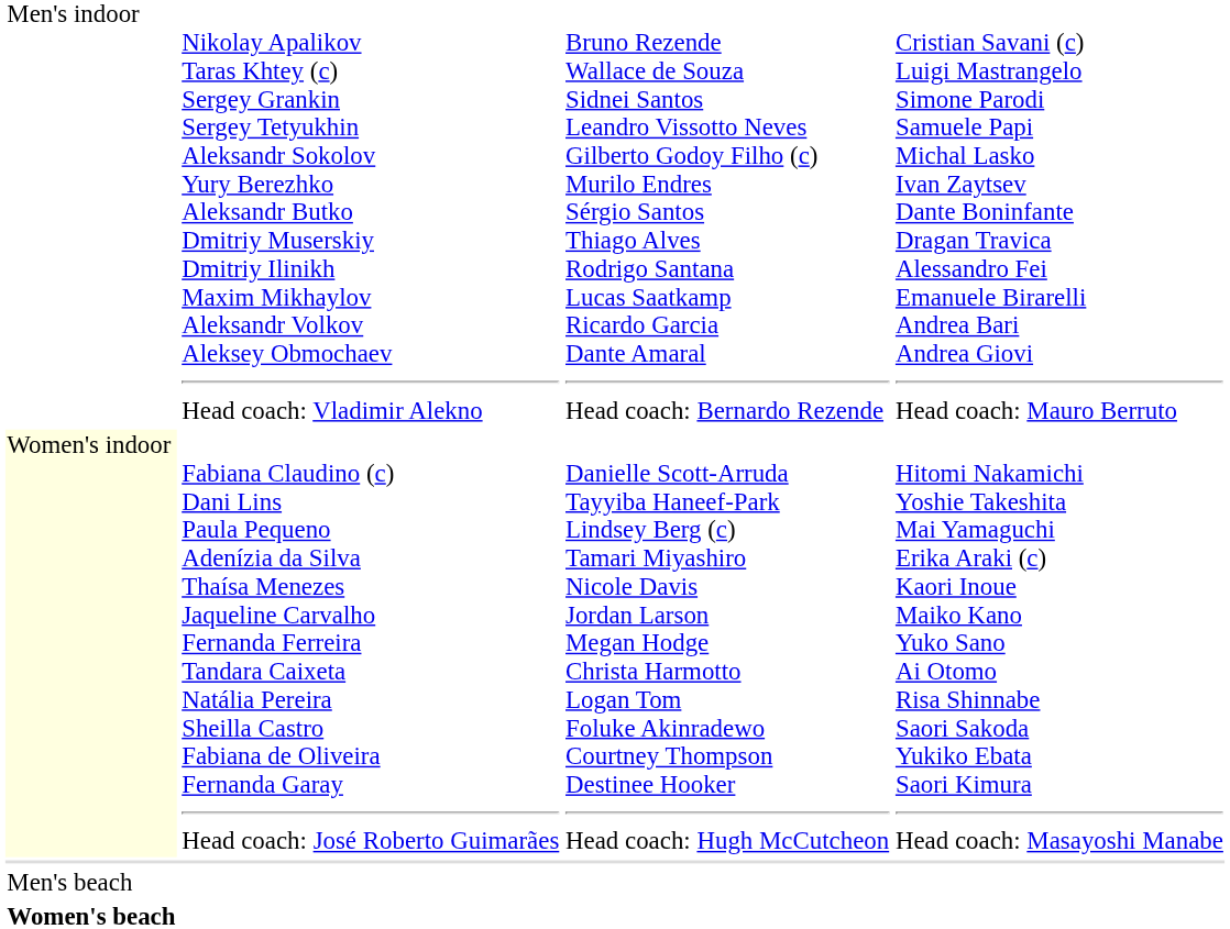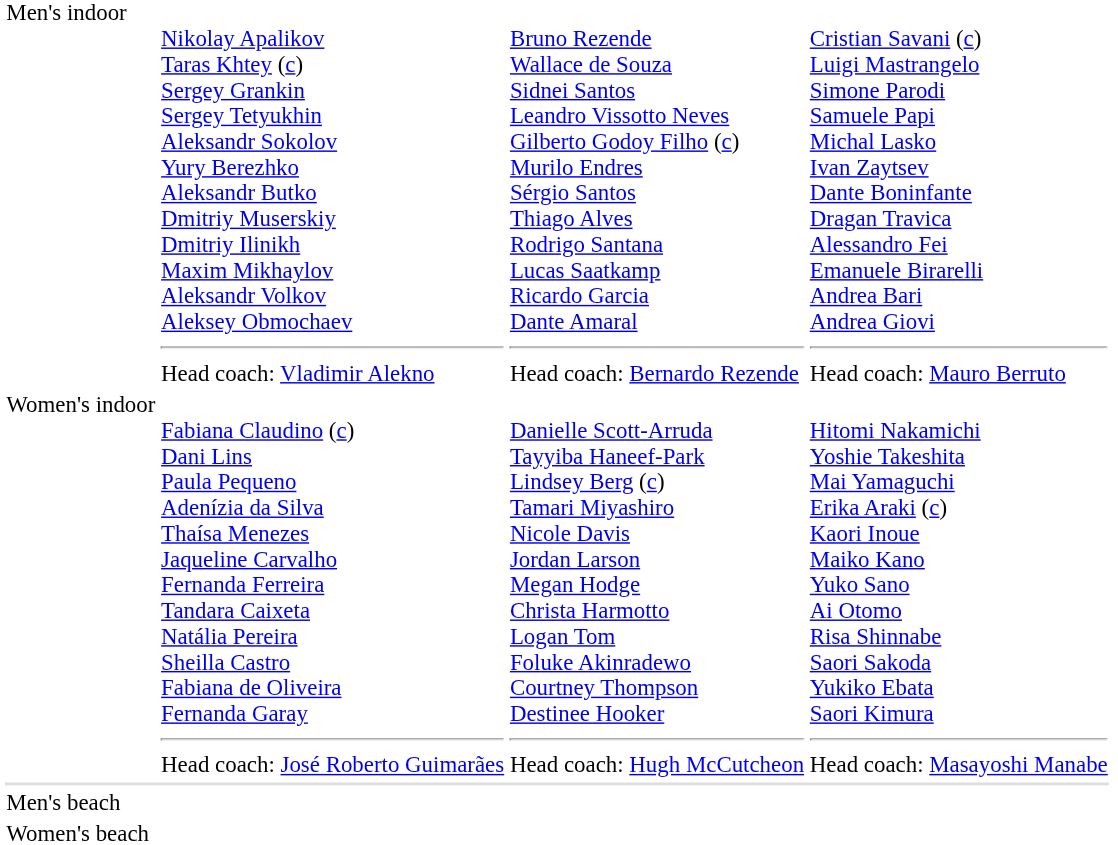 <table>
 <tr valign="top">
 <td>Men's indoor<br></td>
 <td><br><a href='#'>Nikolay Apalikov</a><br><a href='#'>Taras Khtey</a> (<a href='#'>c</a>)<br><a href='#'>Sergey Grankin</a><br><a href='#'>Sergey Tetyukhin</a><br><a href='#'>Aleksandr Sokolov</a><br><a href='#'>Yury Berezhko</a><br><a href='#'>Aleksandr Butko</a><br><a href='#'>Dmitriy Muserskiy</a><br><a href='#'>Dmitriy Ilinikh</a><br><a href='#'>Maxim Mikhaylov</a><br><a href='#'>Aleksandr Volkov</a><br><a href='#'>Aleksey Obmochaev</a><br><hr>Head coach: <a href='#'>Vladimir Alekno</a></td>
 <td><br><a href='#'>Bruno Rezende</a><br><a href='#'>Wallace de Souza</a><br><a href='#'>Sidnei Santos</a><br><a href='#'>Leandro Vissotto Neves</a><br><a href='#'>Gilberto Godoy Filho</a> (<a href='#'>c</a>)<br><a href='#'>Murilo Endres</a><br><a href='#'>Sérgio Santos</a><br><a href='#'>Thiago Alves</a><br><a href='#'>Rodrigo Santana</a><br><a href='#'>Lucas Saatkamp</a><br><a href='#'>Ricardo Garcia</a><br><a href='#'>Dante Amaral</a><br><hr>Head coach: <a href='#'>Bernardo Rezende</a></td>
 <td><br><a href='#'>Cristian Savani</a> (<a href='#'>c</a>)<br><a href='#'>Luigi Mastrangelo</a><br><a href='#'>Simone Parodi</a><br><a href='#'>Samuele Papi</a><br><a href='#'>Michal Lasko</a><br><a href='#'>Ivan Zaytsev</a><br><a href='#'>Dante Boninfante</a><br><a href='#'>Dragan Travica</a><br><a href='#'>Alessandro Fei</a><br><a href='#'>Emanuele Birarelli</a><br><a href='#'>Andrea Bari</a><br><a href='#'>Andrea Giovi</a><br><hr>Head coach: <a href='#'>Mauro Berruto</a></td>
 </tr>
 <tr valign="top">
-<td style="background: lightyellow;">Women's indoor<br></td>
+<td>Women's indoor<br></td>
 <td><br><a href='#'>Fabiana Claudino</a> (<a href='#'>c</a>)<br><a href='#'>Dani Lins</a><br><a href='#'>Paula Pequeno</a><br><a href='#'>Adenízia da Silva</a><br><a href='#'>Thaísa Menezes</a><br><a href='#'>Jaqueline Carvalho</a><br><a href='#'>Fernanda Ferreira</a><br><a href='#'>Tandara Caixeta</a><br><a href='#'>Natália Pereira</a><br><a href='#'>Sheilla Castro</a><br><a href='#'>Fabiana de Oliveira</a><br><a href='#'>Fernanda Garay</a><br><hr>Head coach: <a href='#'>José Roberto Guimarães</a></td>
 <td><br><a href='#'>Danielle Scott-Arruda</a><br><a href='#'>Tayyiba Haneef-Park</a><br><a href='#'>Lindsey Berg</a> (<a href='#'>c</a>)<br><a href='#'>Tamari Miyashiro</a><br><a href='#'>Nicole Davis</a><br><a href='#'>Jordan Larson</a><br><a href='#'>Megan Hodge</a><br><a href='#'>Christa Harmotto</a><br><a href='#'>Logan Tom</a><br><a href='#'>Foluke Akinradewo</a><br><a href='#'>Courtney Thompson</a><br><a href='#'>Destinee Hooker</a><br><hr>Head coach: <a href='#'>Hugh McCutcheon</a></td>
 <td><br><a href='#'>Hitomi Nakamichi</a><br><a href='#'>Yoshie Takeshita</a><br><a href='#'>Mai Yamaguchi</a><br><a href='#'>Erika Araki</a> (<a href='#'>c</a>)<br><a href='#'>Kaori Inoue</a><br><a href='#'>Maiko Kano</a><br><a href='#'>Yuko Sano</a><br><a href='#'>Ai Otomo</a><br><a href='#'>Risa Shinnabe</a><br><a href='#'>Saori Sakoda</a><br><a href='#'>Yukiko Ebata</a><br><a href='#'>Saori Kimura</a><br><hr>Head coach: <a href='#'>Masayoshi Manabe</a></td>
 </tr>
 <tr bgcolor=#DDDDDD>
 <td colspan=7></td>
 </tr>
 <tr valign="top">
 <td>Men's beach<br></td>
 <td></td>
 <td></td>
 <td></td>
 </tr>
 <tr valign="top">
-<td><strong>Women's beach<br></strong></td>
+<td>Women's beach<br></td>
 <td></td>
 <td></td>
 <td></td>
 </tr>
 </table>
